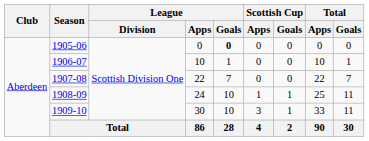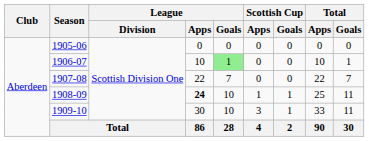 <table class="wikitable" style="text-align:center">
 <tr>
 <th rowspan="2">Club</th>
 <th rowspan="2">Season</th>
 <th colspan="3">League</th>
 <th colspan="2">Scottish Cup</th>
 <th colspan="2">Total</th>
 </tr>
 <tr>
 <th>Division</th>
 <th>Apps</th>
 <th>Goals</th>
 <th>Apps</th>
 <th>Goals</th>
 <th>Apps</th>
 <th>Goals</th>
 </tr>
 <tr>
 <td rowspan="6"><a href='#'>Aberdeen</a></td>
 <td><a href='#'>1905-06</a></td>
 <td rowspan="5"><a href='#'>Scottish Division One</a></td>
 <td>0</td>
-<td><strong>0</strong></td>
+<td>0</td>
 <td>0</td>
 <td>0</td>
 <td>0</td>
 <td>0</td>
 </tr>
 <tr>
 <td><a href='#'>1906-07</a></td>
 <td>10</td>
-<td>1</td>
+<td style="background: lightgreen;">1</td>
 <td>0</td>
 <td>0</td>
 <td>10</td>
 <td>1</td>
 </tr>
 <tr>
 <td><a href='#'>1907-08</a></td>
 <td>22</td>
 <td>7</td>
 <td>0</td>
 <td>0</td>
 <td>22</td>
 <td>7</td>
 </tr>
 <tr>
 <td><a href='#'>1908-09</a></td>
-<td>24</td>
+<td><strong>24</strong></td>
 <td>10</td>
 <td>1</td>
 <td>1</td>
 <td>25</td>
 <td>11</td>
 </tr>
 <tr>
 <td><a href='#'>1909-10</a></td>
 <td>30</td>
 <td>10</td>
 <td>3</td>
 <td>1</td>
 <td>33</td>
 <td>11</td>
 </tr>
 <tr>
 <th colspan="2">Total</th>
 <th>86</th>
 <th>28</th>
 <th>4</th>
 <th>2</th>
 <th>90</th>
 <th>30</th>
 </tr>
 </table>
